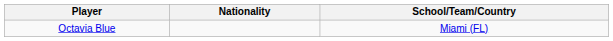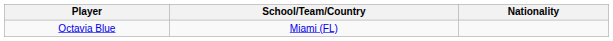 <table class="wikitable" style="text-align:center; width:60em">
 <tr>
 <th>Player</th>
+<th>School/Team/Country</th>
 <th>Nationality</th>
-<th>School/Team/Country</th>
 </tr>
 <tr>
 <td><a href='#'>Octavia Blue</a></td>
+<td><a href='#'>Miami (FL)</a></td>
 <td></td>
-<td><a href='#'>Miami (FL)</a></td>
 </tr>
 </table>
